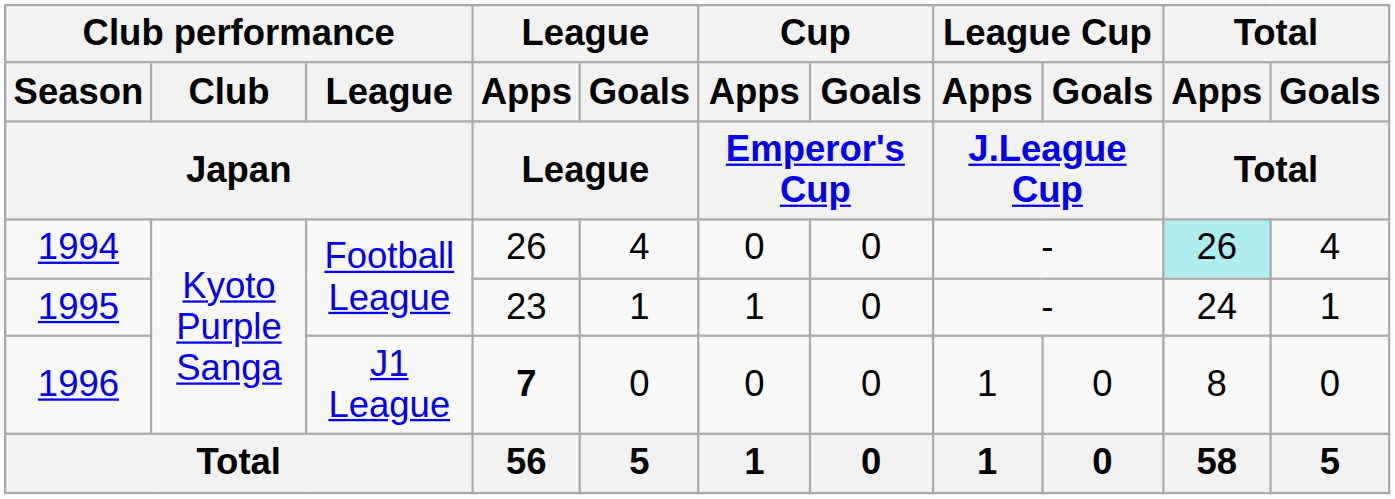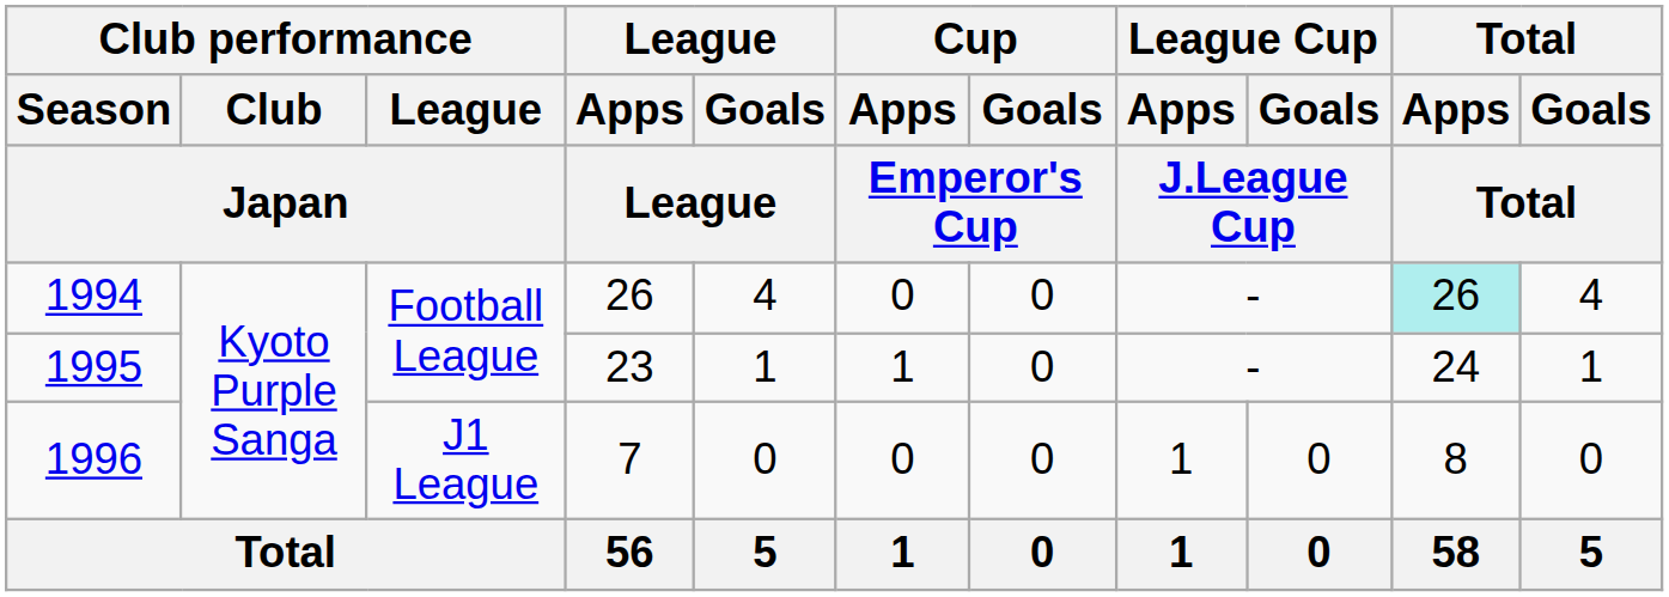 <table class="wikitable" style="text-align:center;">
 <tr>
 <th colspan=3>Club performance</th>
 <th colspan=2>League</th>
 <th colspan=2>Cup</th>
 <th colspan=2>League Cup</th>
 <th colspan=2>Total</th>
 </tr>
 <tr>
 <th>Season</th>
 <th>Club</th>
 <th>League</th>
 <th>Apps</th>
 <th>Goals</th>
 <th>Apps</th>
 <th>Goals</th>
 <th>Apps</th>
 <th>Goals</th>
 <th>Apps</th>
 <th>Goals</th>
 </tr>
 <tr>
 <th colspan=3>Japan</th>
 <th colspan=2>League</th>
 <th colspan=2><a href='#'>Emperor's Cup</a></th>
 <th colspan=2><a href='#'>J.League Cup</a></th>
 <th colspan=2>Total</th>
 </tr>
 <tr>
 <td><a href='#'>1994</a></td>
 <td rowspan="3"><a href='#'>Kyoto Purple Sanga</a></td>
 <td rowspan="2"><a href='#'>Football League</a></td>
 <td>26</td>
 <td>4</td>
 <td>0</td>
 <td>0</td>
 <td colspan="2">-</td>
 <td style="background: paleturquoise;">26</td>
 <td>4</td>
 </tr>
 <tr>
 <td><a href='#'>1995</a></td>
 <td>23</td>
 <td>1</td>
 <td>1</td>
 <td>0</td>
 <td colspan="2">-</td>
 <td>24</td>
 <td>1</td>
 </tr>
 <tr>
 <td><a href='#'>1996</a></td>
 <td><a href='#'>J1 League</a></td>
-<td><strong>7</strong></td>
+<td>7</td>
 <td>0</td>
 <td>0</td>
 <td>0</td>
 <td>1</td>
 <td>0</td>
 <td>8</td>
 <td>0</td>
 </tr>
 <tr>
 <th colspan=3>Total</th>
 <th>56</th>
 <th>5</th>
 <th>1</th>
 <th>0</th>
 <th>1</th>
 <th>0</th>
 <th>58</th>
 <th>5</th>
 </tr>
 </table>
